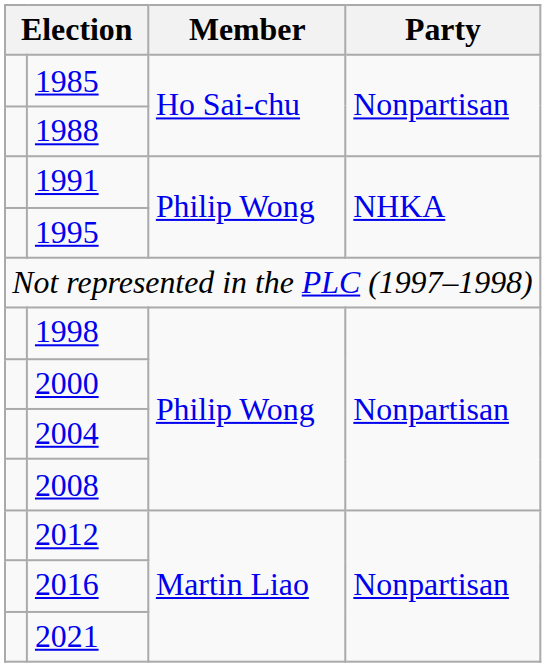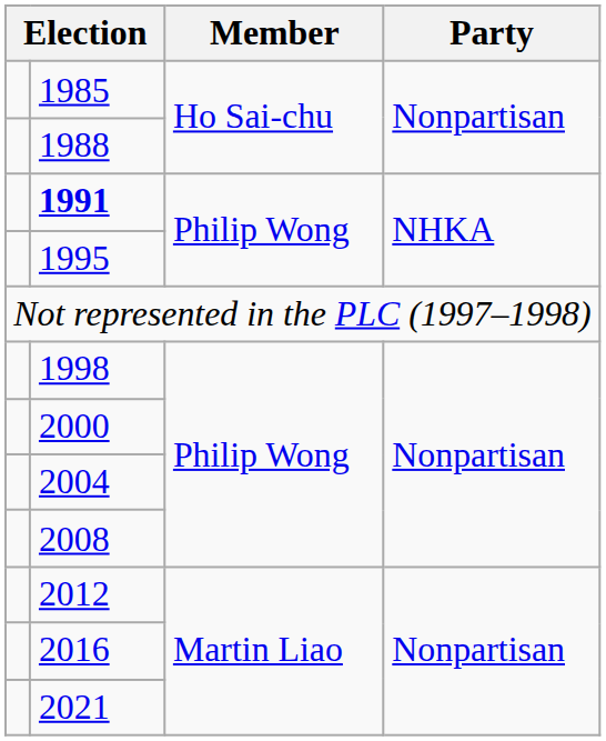 <table class="wikitable">
 <tr>
 <th colspan="2">Election</th>
 <th>Member</th>
 <th>Party</th>
 </tr>
 <tr>
 <td style="background-color:"></td>
 <td><a href='#'>1985</a></td>
 <td rowspan=2><a href='#'>Ho Sai-chu</a></td>
 <td rowspan=2><a href='#'>Nonpartisan</a></td>
 </tr>
 <tr>
 <td style="background-color:"></td>
 <td><a href='#'>1988</a></td>
 </tr>
 <tr>
 <td style="background-color:"></td>
-<td><a href='#'>1991</a></td>
+<td><strong><a href='#'>1991</a></strong></td>
 <td rowspan=2><a href='#'>Philip Wong</a></td>
 <td rowspan=2><a href='#'>NHKA</a></td>
 </tr>
 <tr>
 <td style="background-color:"></td>
 <td><a href='#'>1995</a></td>
 </tr>
 <tr>
 <td colspan="4"><em>Not represented in the <a href='#'>PLC</a> (1997–1998)</em></td>
 </tr>
 <tr>
 <td style="background-color:"></td>
 <td><a href='#'>1998</a></td>
 <td rowspan=4><a href='#'>Philip Wong</a></td>
 <td rowspan=4><a href='#'>Nonpartisan</a></td>
 </tr>
 <tr>
 <td style="background-color:"></td>
 <td><a href='#'>2000</a></td>
 </tr>
 <tr>
 <td style="background-color:"></td>
 <td><a href='#'>2004</a></td>
 </tr>
 <tr>
 <td style="background-color:"></td>
 <td><a href='#'>2008</a></td>
 </tr>
 <tr>
 <td style="background-color:"></td>
 <td><a href='#'>2012</a></td>
 <td rowspan="3"><a href='#'>Martin Liao</a></td>
 <td rowspan="3"><a href='#'>Nonpartisan</a></td>
 </tr>
 <tr>
 <td style="background-color:"></td>
 <td><a href='#'>2016</a></td>
 </tr>
 <tr>
 <td style="background-color:"></td>
 <td><a href='#'>2021</a></td>
 </tr>
 </table>
